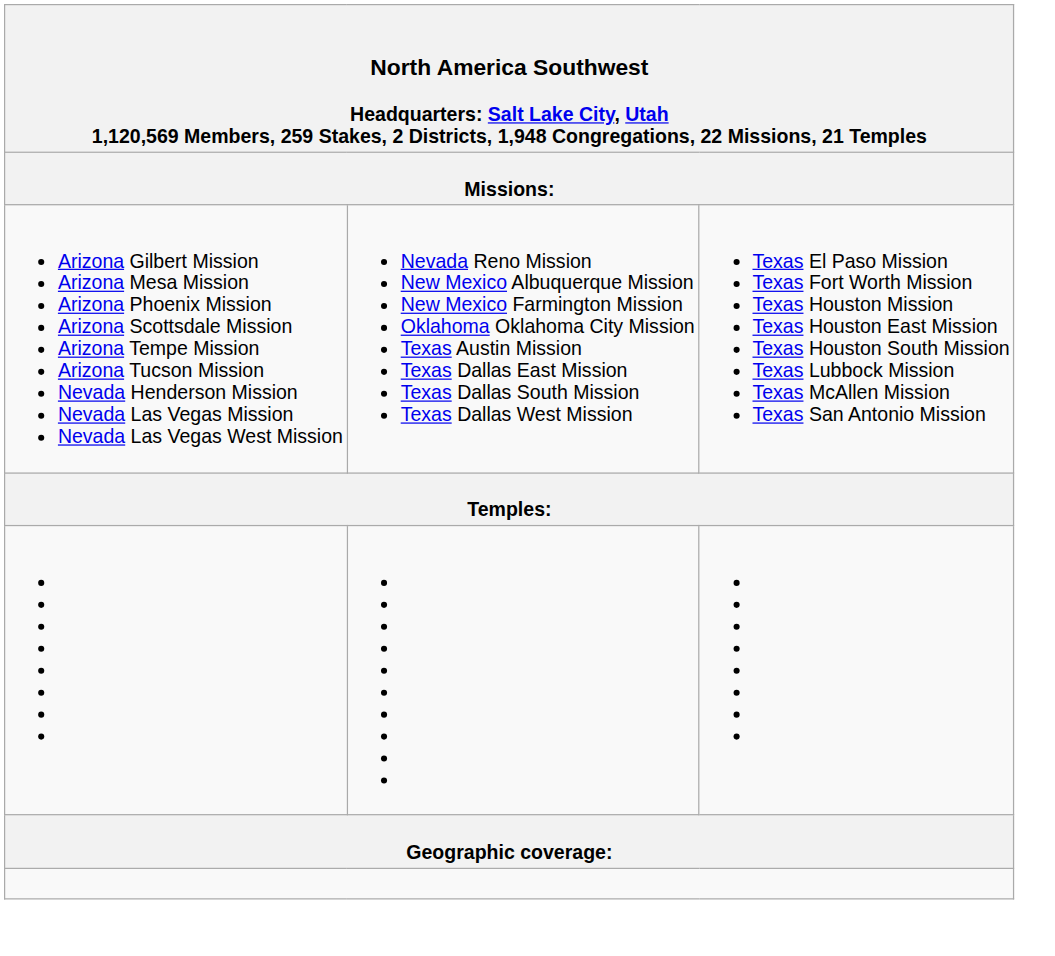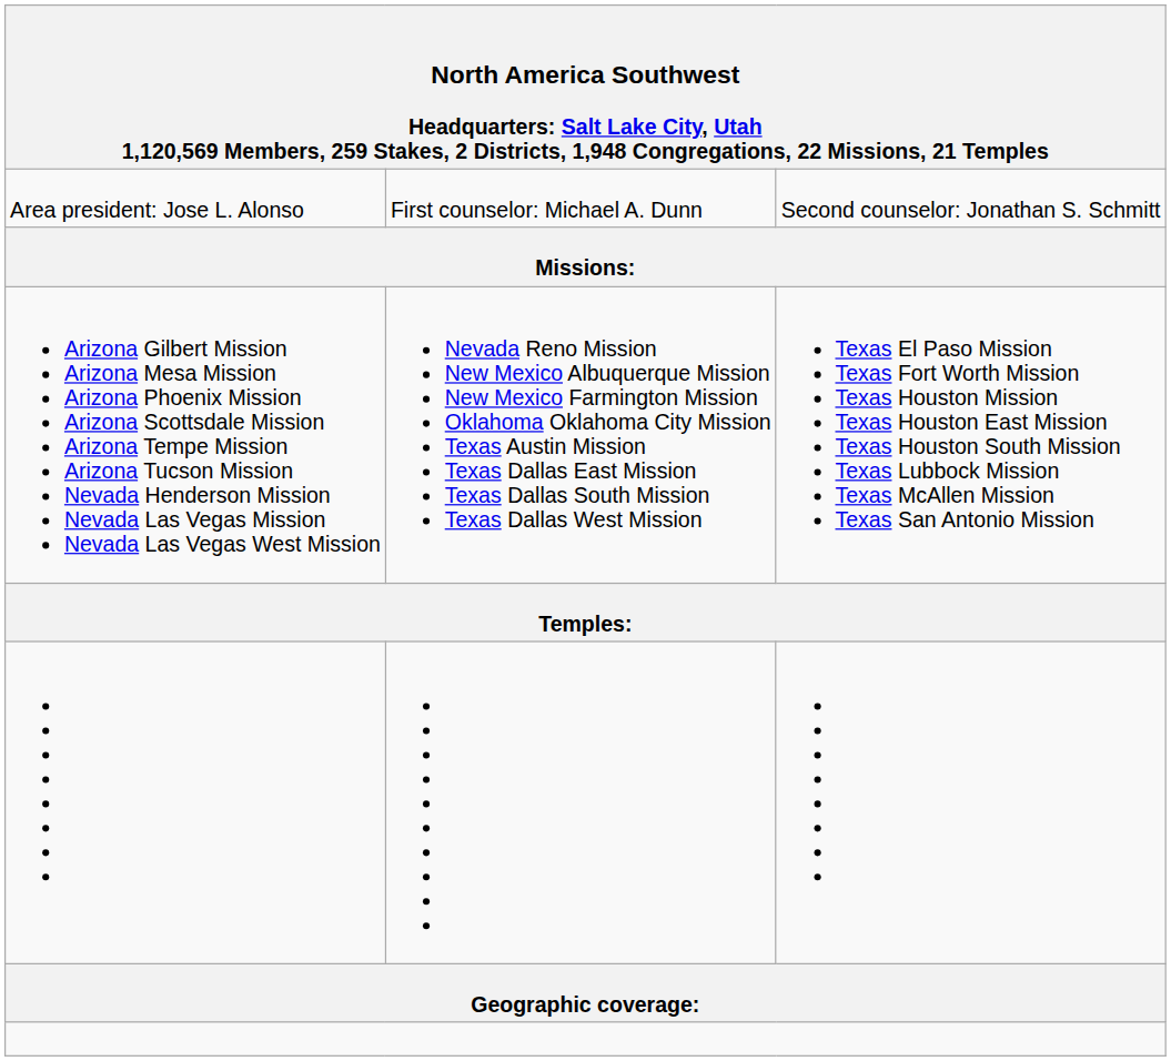 <table class=wikitable>
 <tr>
 <th colspan=3><br><h3>North America Southwest</h3>Headquarters:  <a href='#'>Salt Lake City</a>, <a href='#'>Utah</a><br>1,120,569 Members, 259 Stakes, 2 Districts, 1,948 Congregations, 22 Missions, 21 Temples</th>
+</tr>
+<tr>
+<td style="vertical-align:top"><br>Area president: Jose L. Alonso</td>
+<td style="vertical-align:top"><br>First counselor: Michael A. Dunn</td>
+<td style="vertical-align:top"><br>Second counselor: Jonathan S. Schmitt</td>
 </tr>
 <tr>
 <th colspan=3><br>Missions:</th>
 </tr>
 <tr>
 <td style="vertical-align:top"><br><ul><li><a href='#'>Arizona</a> Gilbert Mission</li><li><a href='#'>Arizona</a> Mesa Mission</li><li><a href='#'>Arizona</a> Phoenix Mission</li><li><a href='#'>Arizona</a> Scottsdale Mission</li><li><a href='#'>Arizona</a> Tempe Mission</li><li><a href='#'>Arizona</a> Tucson Mission</li><li><a href='#'>Nevada</a> Henderson Mission</li><li><a href='#'>Nevada</a> Las Vegas Mission</li><li><a href='#'>Nevada</a> Las Vegas West Mission</li></ul></td>
 <td style="vertical-align:top"><br><ul><li><a href='#'>Nevada</a> Reno Mission</li><li><a href='#'>New Mexico</a> Albuquerque Mission</li><li><a href='#'>New Mexico</a> Farmington Mission</li><li><a href='#'>Oklahoma</a> Oklahoma City Mission</li><li><a href='#'>Texas</a> Austin Mission</li><li><a href='#'>Texas</a> Dallas East Mission</li><li><a href='#'>Texas</a> Dallas South Mission</li><li><a href='#'>Texas</a> Dallas West Mission</li></ul></td>
 <td style="vertical-align:top"><br><ul><li><a href='#'>Texas</a> El Paso Mission</li><li><a href='#'>Texas</a> Fort Worth Mission</li><li><a href='#'>Texas</a> Houston Mission</li><li><a href='#'>Texas</a> Houston East Mission</li><li><a href='#'>Texas</a> Houston South Mission</li><li><a href='#'>Texas</a> Lubbock Mission</li><li><a href='#'>Texas</a> McAllen Mission</li><li><a href='#'>Texas</a> San Antonio Mission</li></ul></td>
 </tr>
 <tr>
 <th colspan=3><br>Temples:</th>
 </tr>
 <tr>
 <td style="vertical-align:top"><br><ul><li></li><li></li><li></li><li></li><li></li><li></li><li></li><li></li></ul></td>
 <td style="vertical-align:top"><br><ul><li></li><li></li><li></li><li></li><li></li><li></li><li></li><li></li><li></li><li></li></ul></td>
 <td style="vertical-align:top"><br><ul><li></li><li></li><li></li><li></li><li></li><li></li><li></li><li></li></ul></td>
 </tr>
 <tr>
 <th colspan=3><br>Geographic coverage:</th>
 </tr>
 <tr>
 <td style="vertical-align:top" colspan=3><br></td>
 </tr>
 </table>
